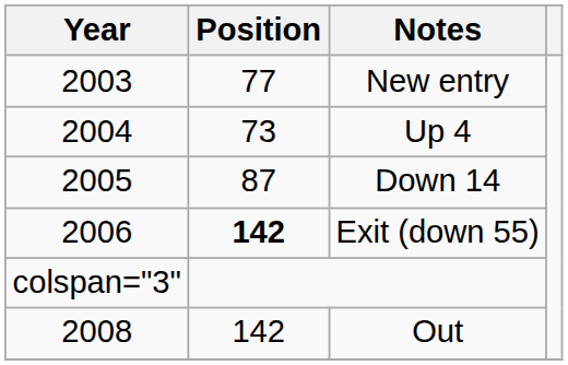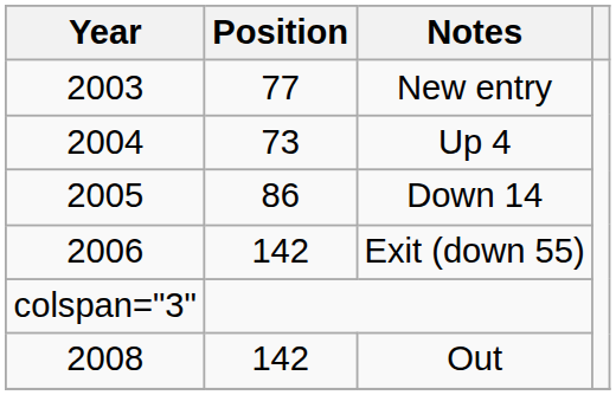 <table class="wikitable plainrowheaders" style="text-align:center;">
 <tr>
 <th>Year</th>
 <th>Position</th>
 <th>Notes</th>
 <th></th>
 </tr>
 <tr>
 <td>2003</td>
 <td>77</td>
 <td>New entry</td>
 <td rowspan="6"></td>
 </tr>
 <tr>
 <td>2004</td>
 <td>73</td>
 <td>Up 4</td>
 </tr>
 <tr>
 <td>2005</td>
-<td>87</td>
+<td>86</td>
 <td>Down 14</td>
 </tr>
 <tr>
 <td>2006</td>
-<td><strong>142</strong></td>
+<td>142</td>
 <td>Exit (down 55)</td>
 </tr>
 <tr>
 <td>colspan="3" </td>
 </tr>
 <tr>
 <td>2008</td>
 <td>142</td>
 <td>Out</td>
 </tr>
 <tr>
 </tr>
 </table>
